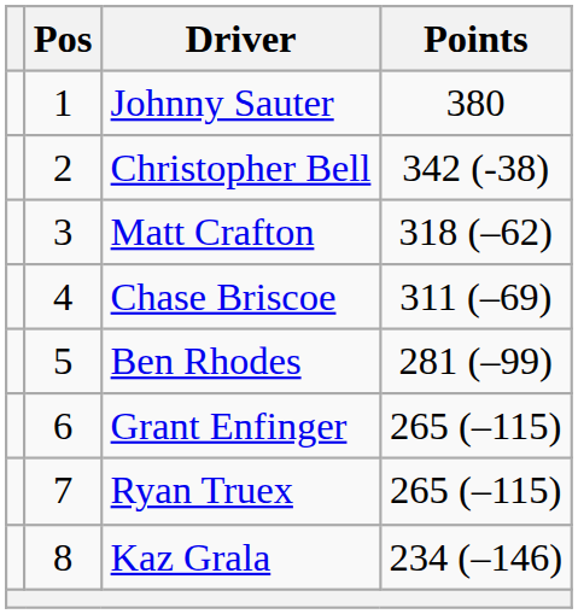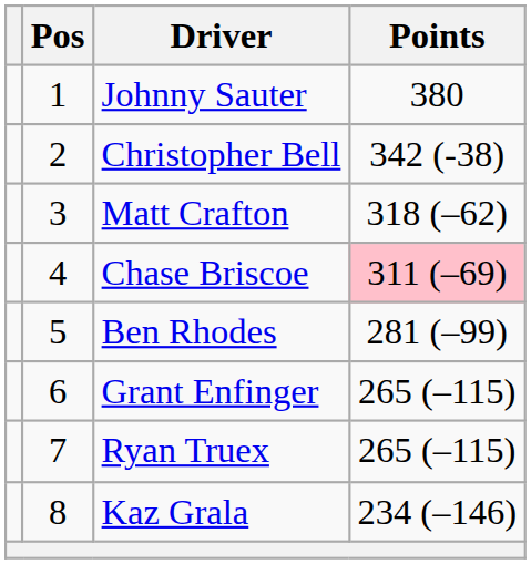 <table class="wikitable" style="font-size: 95%;">
 <tr>
 <th></th>
 <th>Pos</th>
 <th>Driver</th>
 <th>Points</th>
 </tr>
 <tr>
 <td align="left"></td>
 <td style="text-align:center;">1</td>
 <td><a href='#'>Johnny Sauter</a></td>
 <td style="text-align:center;">380</td>
 </tr>
 <tr>
 <td align="left"></td>
 <td style="text-align:center;">2</td>
 <td><a href='#'>Christopher Bell</a></td>
 <td style="text-align:center;">342 (-38)</td>
 </tr>
 <tr>
 <td align="left"></td>
 <td style="text-align:center;">3</td>
 <td><a href='#'>Matt Crafton</a></td>
 <td style="text-align:center;">318 (–62)</td>
 </tr>
 <tr>
 <td align="left"></td>
 <td style="text-align:center;">4</td>
 <td><a href='#'>Chase Briscoe</a></td>
-<td style="text-align:center;">311 (–69)</td>
+<td style="background: pink; text-align:center;">311 (–69)</td>
 </tr>
 <tr>
 <td align="left"></td>
 <td style="text-align:center;">5</td>
 <td><a href='#'>Ben Rhodes</a></td>
 <td style="text-align:center;">281 (–99)</td>
 </tr>
 <tr>
 <td align="left"></td>
 <td style="text-align:center;">6</td>
 <td><a href='#'>Grant Enfinger</a></td>
 <td style="text-align:center;">265 (–115)</td>
 </tr>
 <tr>
 <td align="left"></td>
 <td style="text-align:center;">7</td>
 <td><a href='#'>Ryan Truex</a></td>
 <td style="text-align:center;">265 (–115)</td>
 </tr>
 <tr>
 <td align="left"></td>
 <td style="text-align:center;">8</td>
 <td><a href='#'>Kaz Grala</a></td>
 <td style="text-align:center;">234 (–146)</td>
 </tr>
 <tr class="sortbottom">
 <th colspan="9"></th>
 </tr>
 </table>
